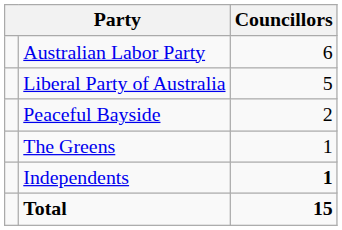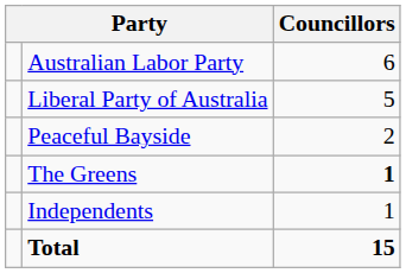 <table class="wikitable">
 <tr>
 <th colspan="2">Party</th>
 <th>Councillors</th>
 </tr>
 <tr>
 <td> </td>
 <td><a href='#'>Australian Labor Party</a></td>
 <td align=right>6</td>
 </tr>
 <tr>
 <td> </td>
 <td><a href='#'>Liberal Party of Australia</a></td>
 <td align=right>5</td>
 </tr>
 <tr>
 <td> </td>
 <td><a href='#'>Peaceful Bayside</a></td>
 <td align=right>2</td>
 </tr>
 <tr>
 <td> </td>
 <td><a href='#'>The Greens</a></td>
-<td align=right>1</td>
+<td align=right><strong>1</strong></td>
 </tr>
 <tr>
 <td> </td>
 <td><a href='#'>Independents</a></td>
-<td align=right><strong>1</strong></td>
+<td align=right>1</td>
 </tr>
 <tr>
 <td></td>
 <td><strong>Total</strong></td>
 <td align=right><strong>15</strong></td>
 </tr>
 </table>
